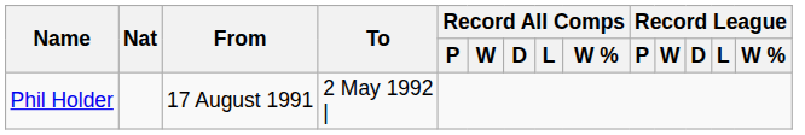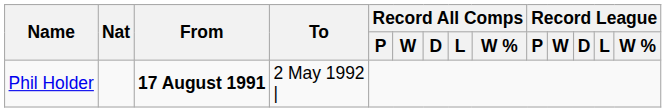 <table class="wikitable" style="text-align: center">
 <tr>
 <th rowspan="2">Name</th>
 <th rowspan="2">Nat</th>
 <th rowspan="2">From</th>
 <th rowspan="2">To</th>
 <th colspan="5">Record All Comps</th>
 <th colspan="5">Record League</th>
 </tr>
 <tr>
 <th>P</th>
 <th>W</th>
 <th>D</th>
 <th>L</th>
 <th>W %</th>
 <th>P</th>
 <th>W</th>
 <th>D</th>
 <th>L</th>
 <th>W %</th>
 </tr>
 <tr>
 <td align=left><a href='#'>Phil Holder</a></td>
 <td></td>
-<td align=left>17 August 1991</td>
+<td align=left><strong>17 August 1991</strong></td>
 <td align=left>2 May 1992<br>|</td>
 </tr>
 </table>
